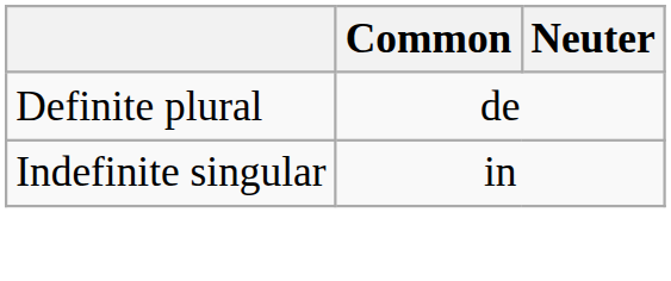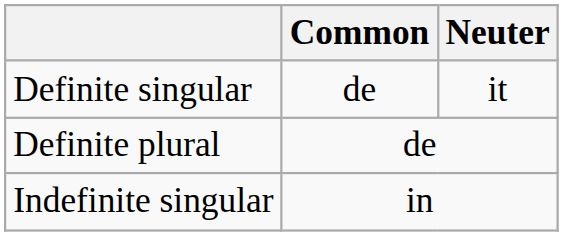 <table class="wikitable">
 <tr>
 <th></th>
 <th>Common</th>
 <th>Neuter</th>
+</tr>
+<tr>
+<td>Definite singular</td>
+<td style="text-align:center;">de</td>
+<td style="text-align:center;">it</td>
 </tr>
 <tr>
 <td>Definite plural</td>
 <td colspan=2 style="text-align:center;">de</td>
 </tr>
 <tr>
 <td>Indefinite singular</td>
 <td colspan=2 style="text-align:center;">in</td>
 </tr>
 </table>
